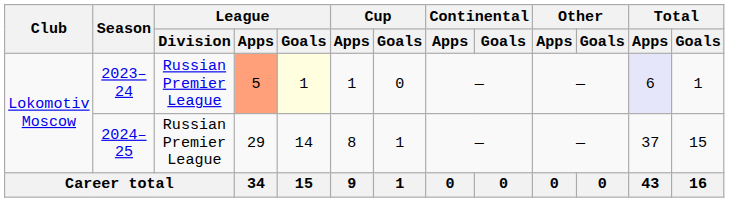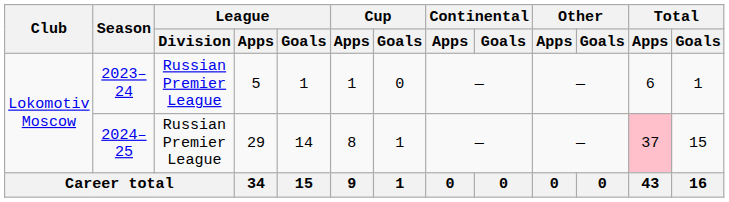 <table class="wikitable" style="text-align:center">
 <tr>
 <th rowspan="2">Club</th>
 <th rowspan="2">Season</th>
 <th colspan="3">League</th>
 <th colspan="2">Cup</th>
 <th colspan="2">Continental</th>
 <th colspan="2">Other</th>
 <th colspan="2">Total</th>
 </tr>
 <tr>
 <th>Division</th>
 <th>Apps</th>
 <th>Goals</th>
 <th>Apps</th>
 <th>Goals</th>
 <th>Apps</th>
 <th>Goals</th>
 <th>Apps</th>
 <th>Goals</th>
 <th>Apps</th>
 <th>Goals</th>
 </tr>
 <tr>
 <td rowspan="2"><a href='#'>Lokomotiv Moscow</a></td>
 <td><a href='#'>2023–24</a></td>
 <td><a href='#'>Russian Premier League</a></td>
-<td style="background: lightsalmon;">5</td>
-<td style="background: lightyellow;">1</td>
+<td>5</td>
+<td>1</td>
 <td>1</td>
 <td>0</td>
 <td colspan="2">—</td>
 <td colspan="2">—</td>
-<td style="background: lavender;">6</td>
+<td>6</td>
 <td>1</td>
 </tr>
 <tr>
 <td><a href='#'>2024–25</a></td>
 <td>Russian Premier League</td>
 <td>29</td>
 <td>14</td>
 <td>8</td>
 <td>1</td>
 <td colspan=2>—</td>
 <td colspan=2>—</td>
-<td>37</td>
+<td style="background: pink;">37</td>
 <td>15</td>
 </tr>
 <tr>
 <th colspan="3">Career total</th>
 <th>34</th>
 <th>15</th>
 <th>9</th>
 <th>1</th>
 <th>0</th>
 <th>0</th>
 <th>0</th>
 <th>0</th>
 <th>43</th>
 <th>16</th>
 </tr>
 </table>
